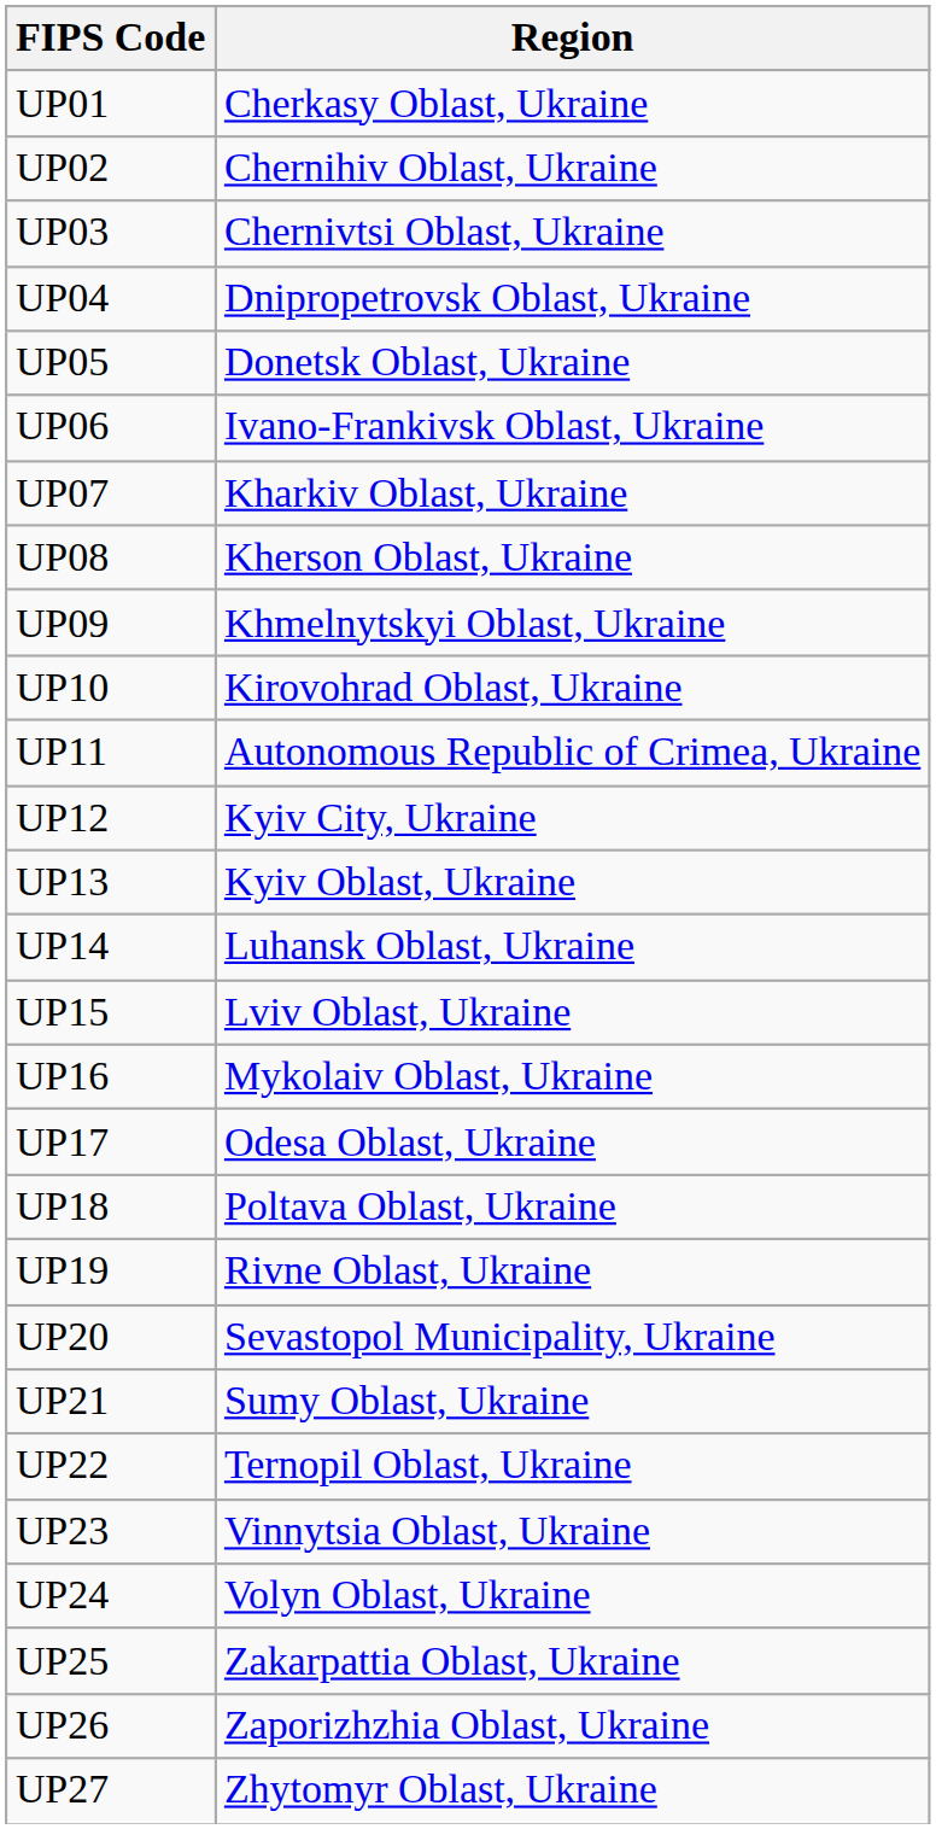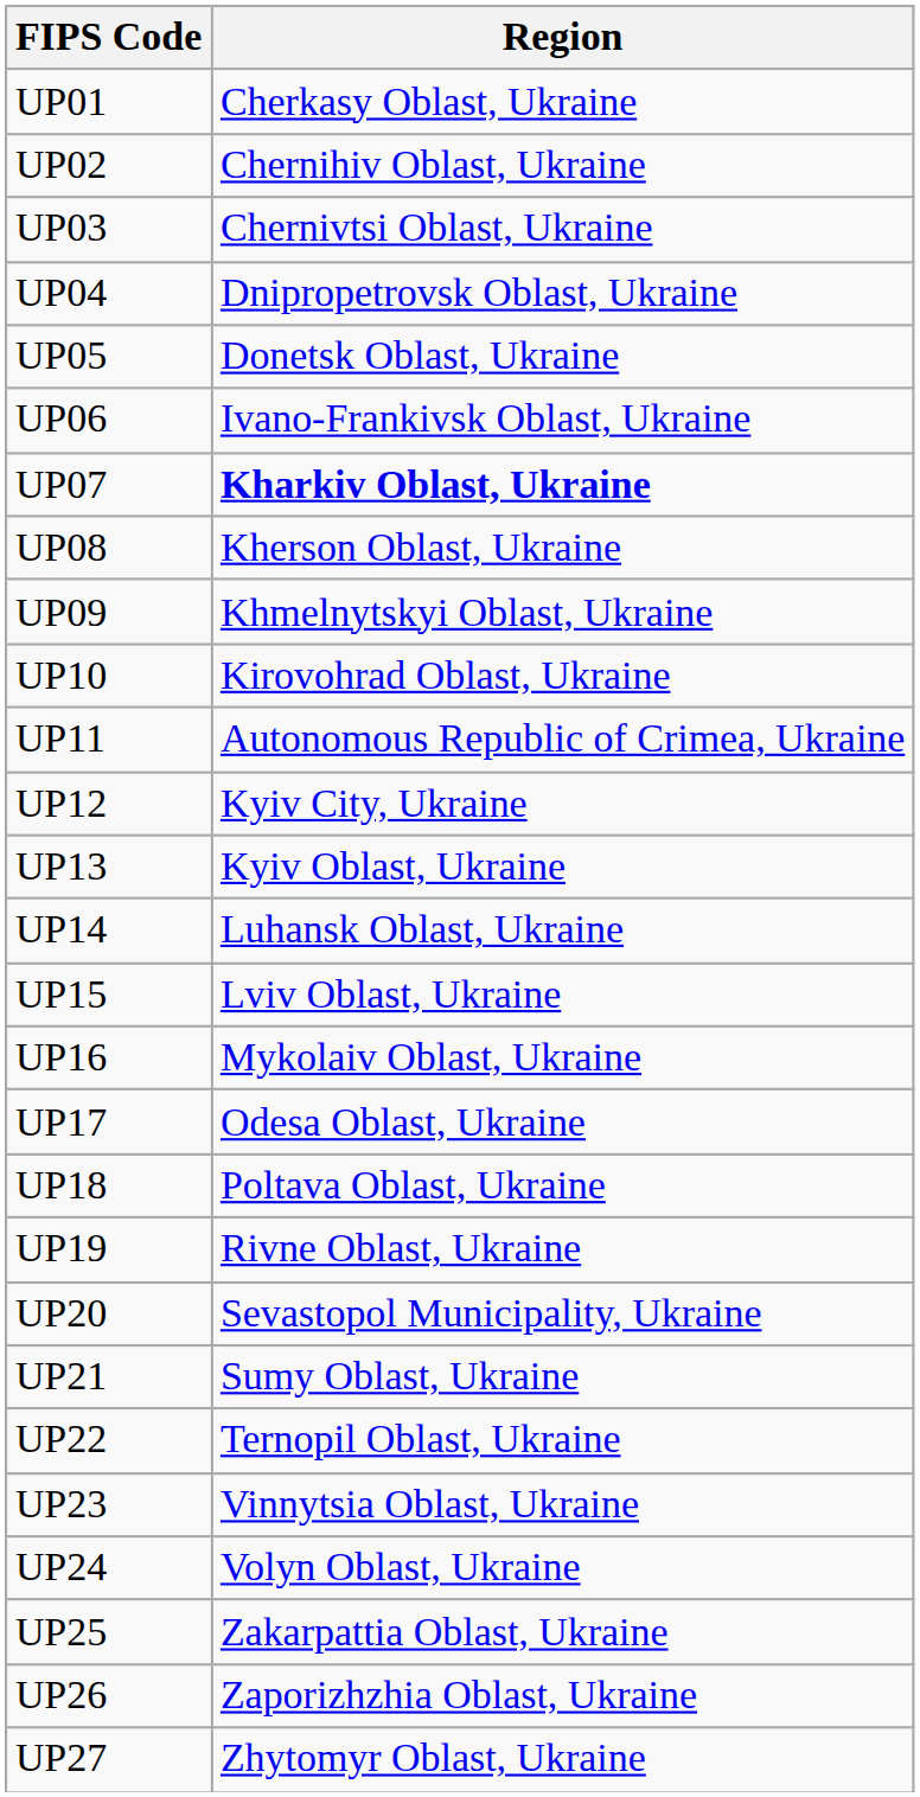 <table class="wikitable">
 <tr>
 <th>FIPS Code</th>
 <th>Region</th>
 </tr>
 <tr>
 <td>UP01</td>
 <td><a href='#'>Cherkasy Oblast, Ukraine</a></td>
 </tr>
 <tr>
 <td>UP02</td>
 <td><a href='#'>Chernihiv Oblast, Ukraine</a></td>
 </tr>
 <tr>
 <td>UP03</td>
 <td><a href='#'>Chernivtsi Oblast, Ukraine</a></td>
 </tr>
 <tr>
 <td>UP04</td>
 <td><a href='#'>Dnipropetrovsk Oblast, Ukraine</a></td>
 </tr>
 <tr>
 <td>UP05</td>
 <td><a href='#'>Donetsk Oblast, Ukraine</a></td>
 </tr>
 <tr>
 <td>UP06</td>
 <td><a href='#'>Ivano-Frankivsk Oblast, Ukraine</a></td>
 </tr>
 <tr>
 <td>UP07</td>
-<td><a href='#'>Kharkiv Oblast, Ukraine</a></td>
+<td><strong><a href='#'>Kharkiv Oblast, Ukraine</a></strong></td>
 </tr>
 <tr>
 <td>UP08</td>
 <td><a href='#'>Kherson Oblast, Ukraine</a></td>
 </tr>
 <tr>
 <td>UP09</td>
 <td><a href='#'>Khmelnytskyi Oblast, Ukraine</a></td>
 </tr>
 <tr>
 <td>UP10</td>
 <td><a href='#'>Kirovohrad Oblast, Ukraine</a></td>
 </tr>
 <tr>
 <td>UP11</td>
 <td><a href='#'>Autonomous Republic of Crimea, Ukraine</a></td>
 </tr>
 <tr>
 <td>UP12</td>
 <td><a href='#'>Kyiv City, Ukraine</a></td>
 </tr>
 <tr>
 <td>UP13</td>
 <td><a href='#'>Kyiv Oblast, Ukraine</a></td>
 </tr>
 <tr>
 <td>UP14</td>
 <td><a href='#'>Luhansk Oblast, Ukraine</a></td>
 </tr>
 <tr>
 <td>UP15</td>
 <td><a href='#'>Lviv Oblast, Ukraine</a></td>
 </tr>
 <tr>
 <td>UP16</td>
 <td><a href='#'>Mykolaiv Oblast, Ukraine</a></td>
 </tr>
 <tr>
 <td>UP17</td>
 <td><a href='#'>Odesa Oblast, Ukraine</a></td>
 </tr>
 <tr>
 <td>UP18</td>
 <td><a href='#'>Poltava Oblast, Ukraine</a></td>
 </tr>
 <tr>
 <td>UP19</td>
 <td><a href='#'>Rivne Oblast, Ukraine</a></td>
 </tr>
 <tr>
 <td>UP20</td>
 <td><a href='#'>Sevastopol Municipality, Ukraine</a></td>
 </tr>
 <tr>
 <td>UP21</td>
 <td><a href='#'>Sumy Oblast, Ukraine</a></td>
 </tr>
 <tr>
 <td>UP22</td>
 <td><a href='#'>Ternopil Oblast, Ukraine</a></td>
 </tr>
 <tr>
 <td>UP23</td>
 <td><a href='#'>Vinnytsia Oblast, Ukraine</a></td>
 </tr>
 <tr>
 <td>UP24</td>
 <td><a href='#'>Volyn Oblast, Ukraine</a></td>
 </tr>
 <tr>
 <td>UP25</td>
 <td><a href='#'>Zakarpattia Oblast, Ukraine</a></td>
 </tr>
 <tr>
 <td>UP26</td>
 <td><a href='#'>Zaporizhzhia Oblast, Ukraine</a></td>
 </tr>
 <tr>
 <td>UP27</td>
 <td><a href='#'>Zhytomyr Oblast, Ukraine</a></td>
 </tr>
 </table>
